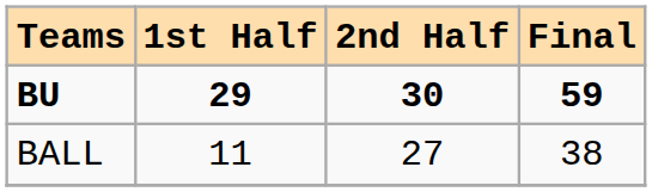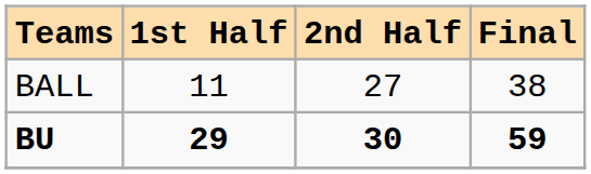 <table class="wikitable" align=right>
 <tr bgcolor=#ffdead align=center>
 <td><strong>Teams</strong></td>
 <td><strong>1st Half</strong></td>
 <td><strong>2nd Half</strong></td>
 <td><strong>Final</strong></td>
 </tr>
 <tr>
+<td>BALL</td>
+<td align=center>11</td>
+<td align=center>27</td>
+<td align=center>38</td>
+</tr>
+<tr>
 <td><strong>BU</strong></td>
 <td align=center><strong>29</strong></td>
 <td align=center><strong>30</strong></td>
 <td align=center><strong>59</strong></td>
 </tr>
 <tr>
-<td>BALL</td>
-<td align=center>11</td>
-<td align=center>27</td>
-<td align=center>38</td>
-</tr>
-<tr>
 </tr>
 </table>
